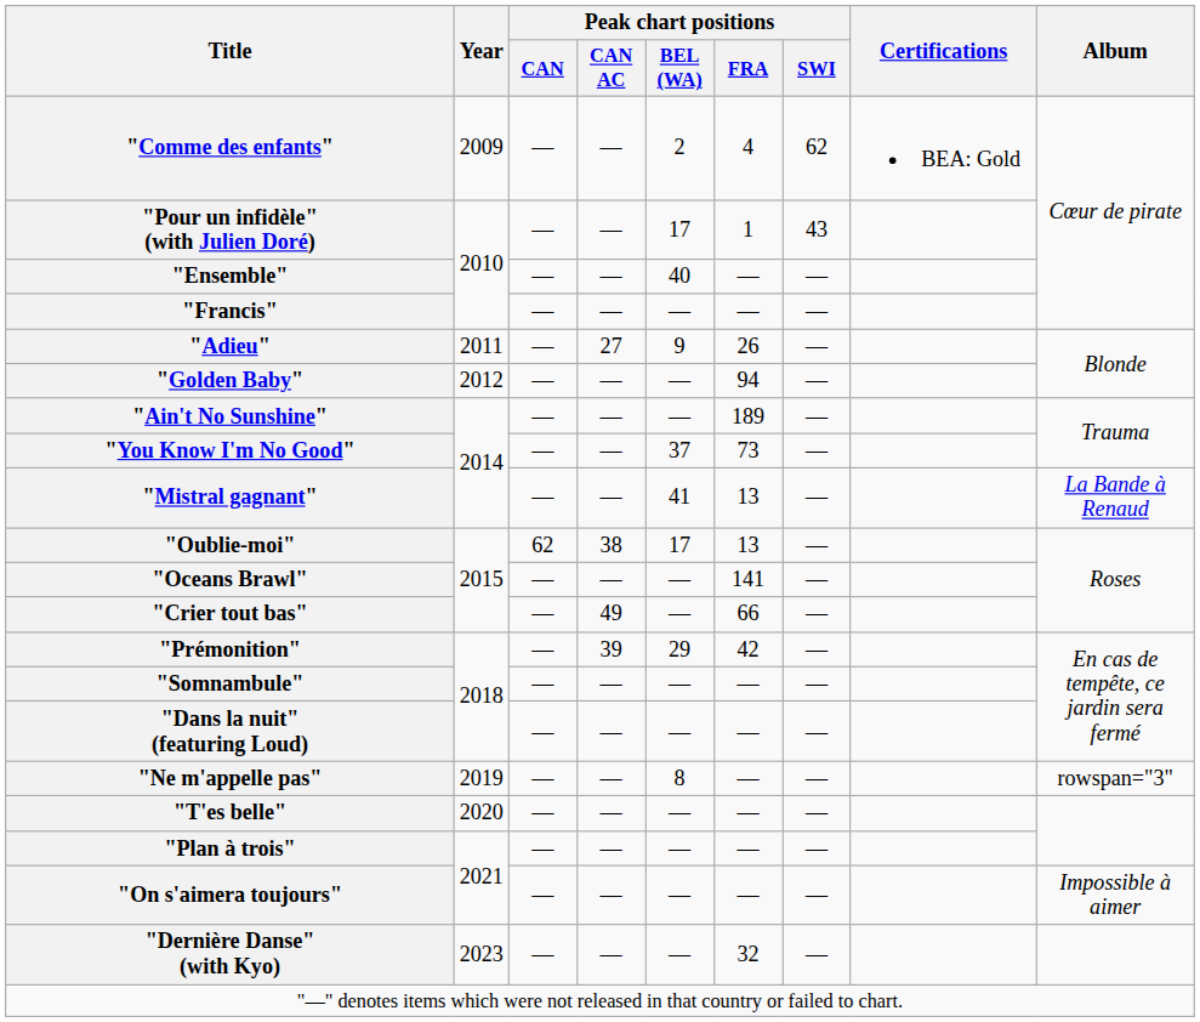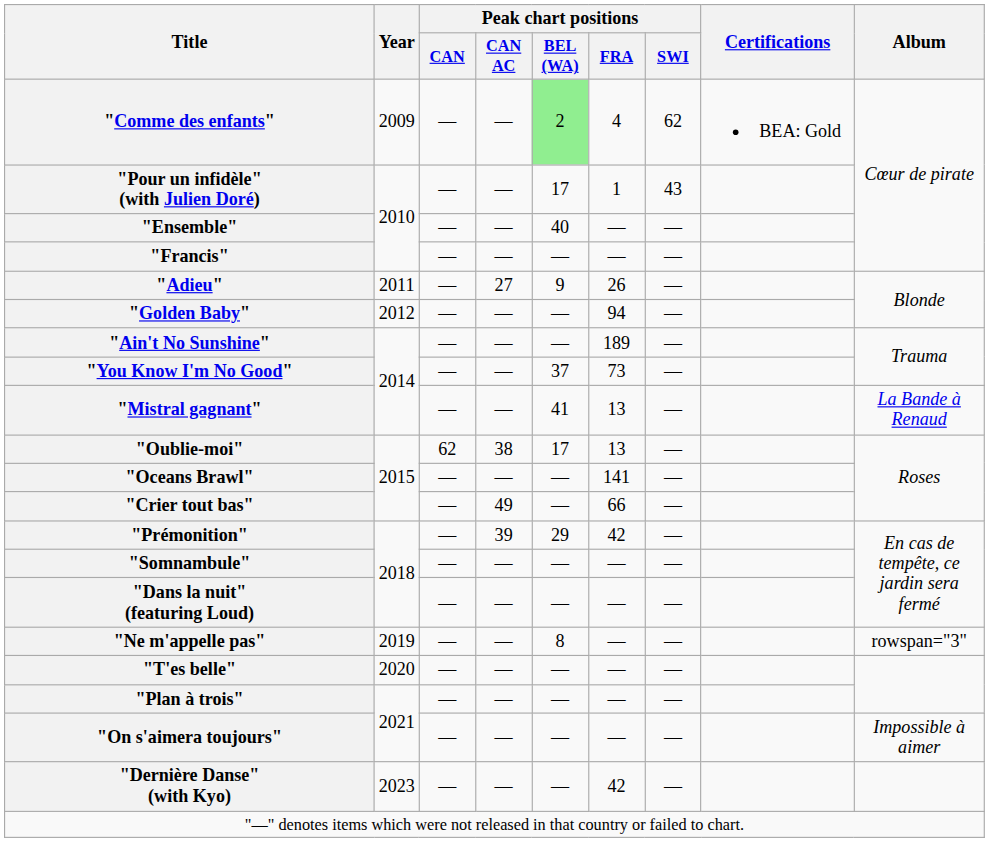 <table class="wikitable plainrowheaders" style="text-align:center;">
 <tr>
 <th scope="col" rowspan="2" style="width:20em;">Title</th>
 <th scope="col" rowspan="2">Year</th>
 <th scope="col" colspan="5">Peak chart positions</th>
 <th scope="col" rowspan="2" style="width:8em;"><a href='#'>Certifications</a></th>
 <th scope="col" rowspan="2">Album</th>
 </tr>
 <tr>
 <th style="width:3em;font-size:90%"><a href='#'>CAN</a><br></th>
 <th style="width:3em;font-size:90%"><a href='#'>CAN AC</a><br></th>
 <th style="width:3em;font-size:90%"><a href='#'>BEL<br>(WA)</a><br></th>
 <th style="width:3em;font-size:90%"><a href='#'>FRA</a><br></th>
 <th style="width:3em;font-size:90%"><a href='#'>SWI</a><br></th>
 </tr>
 <tr>
 <th scope="row">"<a href='#'>Comme des enfants</a>"</th>
 <td>2009</td>
 <td>—</td>
 <td>—</td>
-<td>2</td>
+<td style="background: lightgreen;">2</td>
 <td>4</td>
 <td>62</td>
 <td><br><ul><li>BEA: Gold</li></ul></td>
 <td rowspan="4"><em>Cœur de pirate</em></td>
 </tr>
 <tr>
 <th scope="row">"Pour un infidèle"<br><span>(with <a href='#'>Julien Doré</a>)</span></th>
 <td rowspan="3">2010</td>
 <td>—</td>
 <td>—</td>
 <td>17</td>
 <td>1</td>
 <td>43</td>
 <td></td>
 </tr>
 <tr>
 <th scope="row">"Ensemble"</th>
 <td>—</td>
 <td>—</td>
 <td>40</td>
 <td>—</td>
 <td>—</td>
 <td></td>
 </tr>
 <tr>
 <th scope="row">"Francis"</th>
 <td>—</td>
 <td>—</td>
 <td>—</td>
 <td>—</td>
 <td>—</td>
 <td></td>
 </tr>
 <tr>
 <th scope="row">"<a href='#'>Adieu</a>"</th>
 <td>2011</td>
 <td>—</td>
 <td>27</td>
 <td>9</td>
 <td>26</td>
 <td>—</td>
 <td></td>
 <td rowspan="2"><em>Blonde</em></td>
 </tr>
 <tr>
 <th scope="row">"<a href='#'>Golden Baby</a>"</th>
 <td>2012</td>
 <td>—</td>
 <td>—</td>
 <td>—</td>
 <td>94</td>
 <td>—</td>
 <td></td>
 </tr>
 <tr>
 <th scope="row">"<a href='#'>Ain't No Sunshine</a>"</th>
 <td rowspan="3">2014</td>
 <td>—</td>
 <td>—</td>
 <td>—</td>
 <td>189</td>
 <td>—</td>
 <td></td>
 <td rowspan="2"><em>Trauma</em></td>
 </tr>
 <tr>
 <th scope="row">"<a href='#'>You Know I'm No Good</a>"</th>
 <td>—</td>
 <td>—</td>
 <td>37</td>
 <td>73</td>
 <td>—</td>
 <td></td>
 </tr>
 <tr>
 <th scope="row">"<a href='#'>Mistral gagnant</a>"</th>
 <td>—</td>
 <td>—</td>
 <td>41</td>
 <td>13</td>
 <td>—</td>
 <td></td>
 <td><em><a href='#'>La Bande à Renaud</a></em></td>
 </tr>
 <tr>
 <th scope="row">"Oublie-moi"</th>
 <td rowspan="3">2015</td>
 <td>62</td>
 <td>38</td>
 <td>17</td>
 <td>13</td>
 <td>—</td>
 <td></td>
 <td rowspan="3"><em>Roses</em></td>
 </tr>
 <tr>
 <th scope="row">"Oceans Brawl"</th>
 <td>—</td>
 <td>—</td>
 <td>—</td>
 <td>141</td>
 <td>—</td>
 <td></td>
 </tr>
 <tr>
 <th scope="row">"Crier tout bas"</th>
 <td>—</td>
 <td>49</td>
 <td>—</td>
 <td>66<br></td>
 <td>—</td>
 <td></td>
 </tr>
 <tr>
 <th scope="row">"Prémonition"</th>
 <td rowspan="3">2018</td>
 <td>—</td>
 <td>39</td>
 <td>29</td>
 <td>42</td>
 <td>—</td>
 <td></td>
 <td rowspan="3"><em>En cas de tempête, ce jardin sera fermé</em></td>
 </tr>
 <tr>
 <th scope="row">"Somnambule"</th>
 <td>—</td>
 <td>—</td>
 <td>—</td>
 <td>—</td>
 <td>—</td>
 <td></td>
 </tr>
 <tr>
 <th scope="row">"Dans la nuit"<br><span>(featuring Loud)</span></th>
 <td>—</td>
 <td>—</td>
 <td>—</td>
 <td>—</td>
 <td>—</td>
 <td></td>
 </tr>
 <tr>
 <th scope="row">"Ne m'appelle pas"</th>
 <td>2019</td>
 <td>—</td>
 <td>—</td>
 <td>8</td>
 <td>—</td>
 <td>—</td>
 <td></td>
 <td>rowspan="3" </td>
 </tr>
 <tr>
 <th scope="row">"T'es belle"</th>
 <td>2020</td>
 <td>—</td>
 <td>—</td>
 <td>—</td>
 <td>—</td>
 <td>—</td>
 <td></td>
 </tr>
 <tr>
 <th scope="row">"Plan à trois"</th>
 <td rowspan="2">2021</td>
 <td>—</td>
 <td>—</td>
 <td>—</td>
 <td>—</td>
 <td>—</td>
 <td></td>
 </tr>
 <tr>
 <th scope="row">"On s'aimera toujours"</th>
 <td>—</td>
 <td>—</td>
 <td>—</td>
 <td>—</td>
 <td>—</td>
 <td></td>
 <td><em>Impossible à aimer</em></td>
 </tr>
 <tr>
 <th scope="row">"Dernière Danse"<br><span>(with Kyo)</span></th>
 <td>2023</td>
 <td>—</td>
 <td>—</td>
 <td>—</td>
-<td>32</td>
+<td>42</td>
 <td>—</td>
 <td></td>
 <td></td>
 </tr>
 <tr>
 <td colspan="10" style="text-align:center; font-size:90%;">"—" denotes items which were not released in that country or failed to chart.</td>
 </tr>
 </table>
